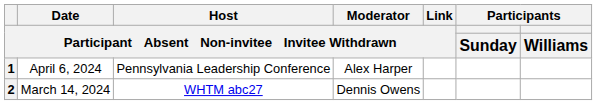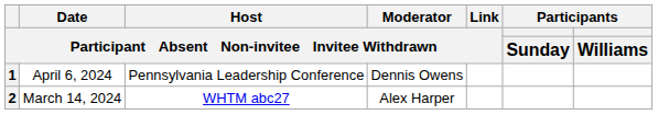 <table class="wikitable" style="text-align:center;">
 <tr style="font-size:small;">
 <th scope="col"></th>
 <th scope="col">Date</th>
 <th scope="col">Host</th>
 <th scope="col">Moderator</th>
 <th scope="col">Link</th>
 <th scope="col" colspan="5">Participants</th>
 </tr>
 <tr>
 <th colspan="5" rowspan="2"> <small>Participant  </small> <small>Absent  </small> <small>Non-invitee  </small> <small>Invitee Withdrawn</small></th>
 <th scope="col" style="background:"></th>
 <th scope="col" style="background:"></th>
 </tr>
 <tr>
 <th scope="col">Sunday</th>
 <th scope="col">Williams</th>
 </tr>
 <tr style="background:#fff; font-size:small;">
 <th scope="row">1</th>
 <td style="white-space:nowrap;">April 6, 2024</td>
 <td style="white-space:nowrap;">Pennsylvania Leadership Conference</td>
-<td style="white-space:nowrap;">Alex Harper</td>
+<td style="white-space:nowrap;">Dennis Owens</td>
 <td style="white-space:nowrap;"></td>
 <td></td>
 <td></td>
 </tr>
 <tr style="background:#fff; font-size:small;">
 <th scope="row">2</th>
 <td style="white-space:nowrap;">March 14, 2024</td>
 <td style="white-space:nowrap;"><a href='#'>WHTM abc27</a></td>
-<td style="white-space:nowrap;">Dennis Owens</td>
+<td style="white-space:nowrap;">Alex Harper</td>
 <td style="white-space:nowrap;"></td>
 <td></td>
 <td></td>
 </tr>
 </table>
